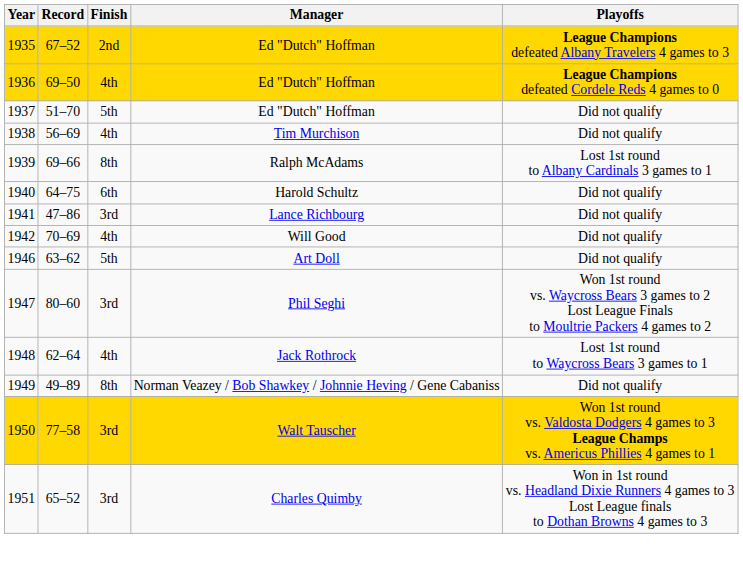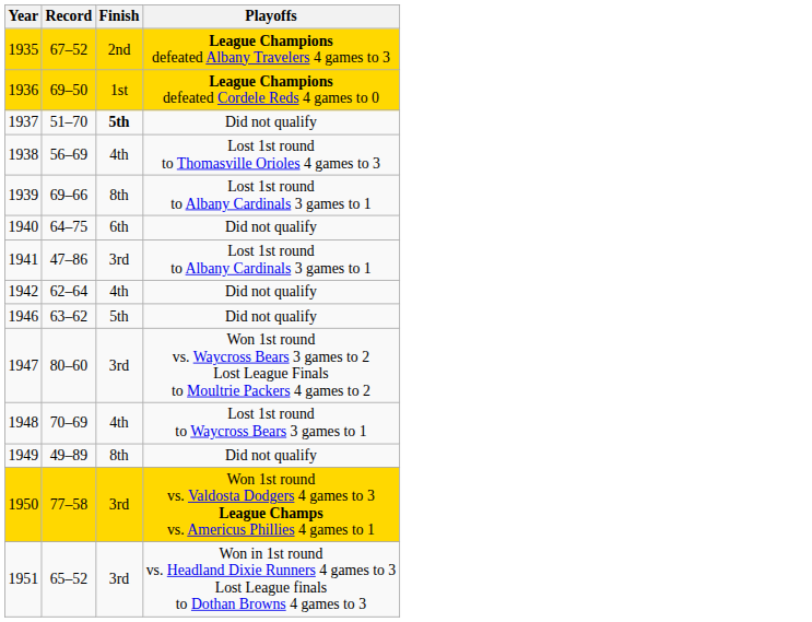 <table class="wikitable" style="text-align:center">
 <tr>
 <th>Year</th>
 <th>Record</th>
 <th>Finish</th>
-<th>Manager</th>
 <th>Playoffs</th>
 </tr>
 <tr bgcolor="#FFD800">
 <td>1935</td>
 <td>67–52</td>
 <td>2nd</td>
-<td>Ed "Dutch" Hoffman</td>
 <td><strong>League Champions</strong><br> defeated <a href='#'>Albany Travelers</a> 4 games to 3</td>
 </tr>
 <tr bgcolor="#FFD800">
 <td>1936</td>
 <td>69–50</td>
-<td>4th</td>
-<td>Ed "Dutch" Hoffman</td>
+<td>1st</td>
 <td><strong>League Champions</strong> <br> defeated <a href='#'>Cordele Reds</a> 4 games to 0</td>
 </tr>
 <tr>
 <td>1937</td>
 <td>51–70</td>
-<td>5th</td>
-<td>Ed "Dutch" Hoffman</td>
+<td><strong>5th</strong></td>
 <td>Did not qualify</td>
 </tr>
 <tr>
 <td>1938</td>
 <td>56–69</td>
 <td>4th</td>
-<td><a href='#'>Tim Murchison</a></td>
-<td>Did not qualify</td>
+<td>Lost 1st round <br> to <a href='#'>Thomasville Orioles</a> 4 games to 3</td>
 </tr>
 <tr>
 <td>1939</td>
 <td>69–66</td>
 <td>8th</td>
-<td>Ralph McAdams</td>
 <td>Lost 1st round <br> to <a href='#'>Albany Cardinals</a> 3 games to 1</td>
 </tr>
 <tr al>
 <td>1940</td>
 <td>64–75</td>
 <td>6th</td>
-<td>Harold Schultz</td>
 <td>Did not qualify</td>
 </tr>
 <tr>
 <td>1941</td>
 <td>47–86</td>
 <td>3rd</td>
-<td><a href='#'>Lance Richbourg</a></td>
-<td>Did not qualify</td>
+<td>Lost 1st round <br> to <a href='#'>Albany Cardinals</a> 3 games to 1</td>
 </tr>
 <tr>
 <td>1942</td>
-<td>70–69</td>
+<td>62–64</td>
 <td>4th</td>
-<td>Will Good</td>
 <td>Did not qualify</td>
 </tr>
 <tr>
 <td>1946</td>
 <td>63–62</td>
 <td>5th</td>
-<td><a href='#'>Art Doll</a></td>
 <td>Did not qualify</td>
 </tr>
 <tr>
 <td>1947</td>
 <td>80–60</td>
 <td>3rd</td>
-<td><a href='#'>Phil Seghi</a></td>
 <td>Won 1st round <br> vs. <a href='#'>Waycross Bears</a> 3 games to 2<br> Lost League Finals<br> to <a href='#'>Moultrie Packers</a> 4 games to 2</td>
 </tr>
 <tr>
 <td>1948</td>
-<td>62–64</td>
+<td>70–69</td>
 <td>4th</td>
-<td><a href='#'>Jack Rothrock</a></td>
 <td>Lost 1st round <br> to <a href='#'>Waycross Bears</a> 3 games to 1</td>
 </tr>
 <tr>
 <td>1949</td>
 <td>49–89</td>
 <td>8th</td>
-<td>Norman Veazey / <a href='#'>Bob Shawkey</a> / <a href='#'>Johnnie Heving</a> / Gene Cabaniss</td>
 <td>Did not qualify</td>
 </tr>
 <tr bgcolor="#FFD800">
 <td>1950</td>
 <td>77–58</td>
 <td>3rd</td>
-<td><a href='#'>Walt Tauscher</a></td>
 <td>Won 1st round<br> vs. <a href='#'>Valdosta Dodgers</a> 4 games to 3 <br><strong>League Champs</strong><br> vs. <a href='#'>Americus Phillies</a> 4 games to 1</td>
 </tr>
 <tr>
 <td>1951</td>
 <td>65–52</td>
 <td>3rd</td>
-<td><a href='#'>Charles Quimby</a></td>
 <td>Won in 1st round <br>vs. <a href='#'>Headland Dixie Runners</a> 4 games to 3<br> Lost League finals<br> to <a href='#'>Dothan Browns</a> 4 games to 3</td>
 </tr>
 </table>
